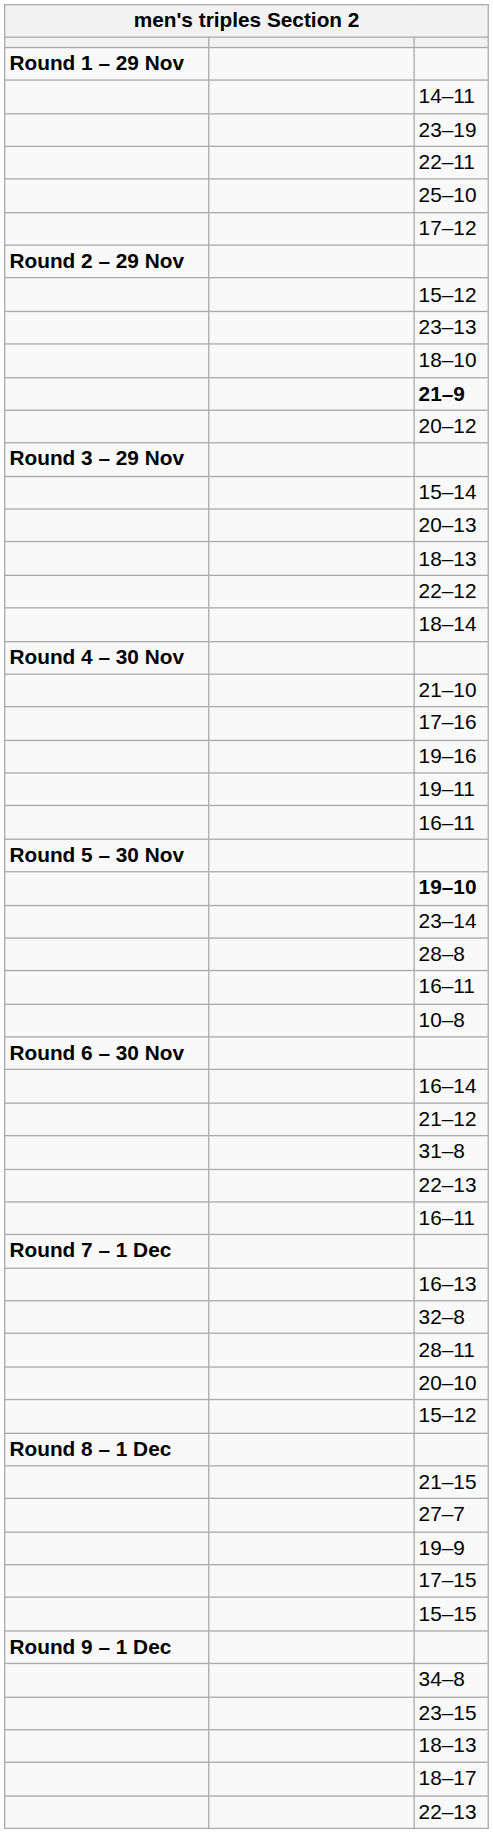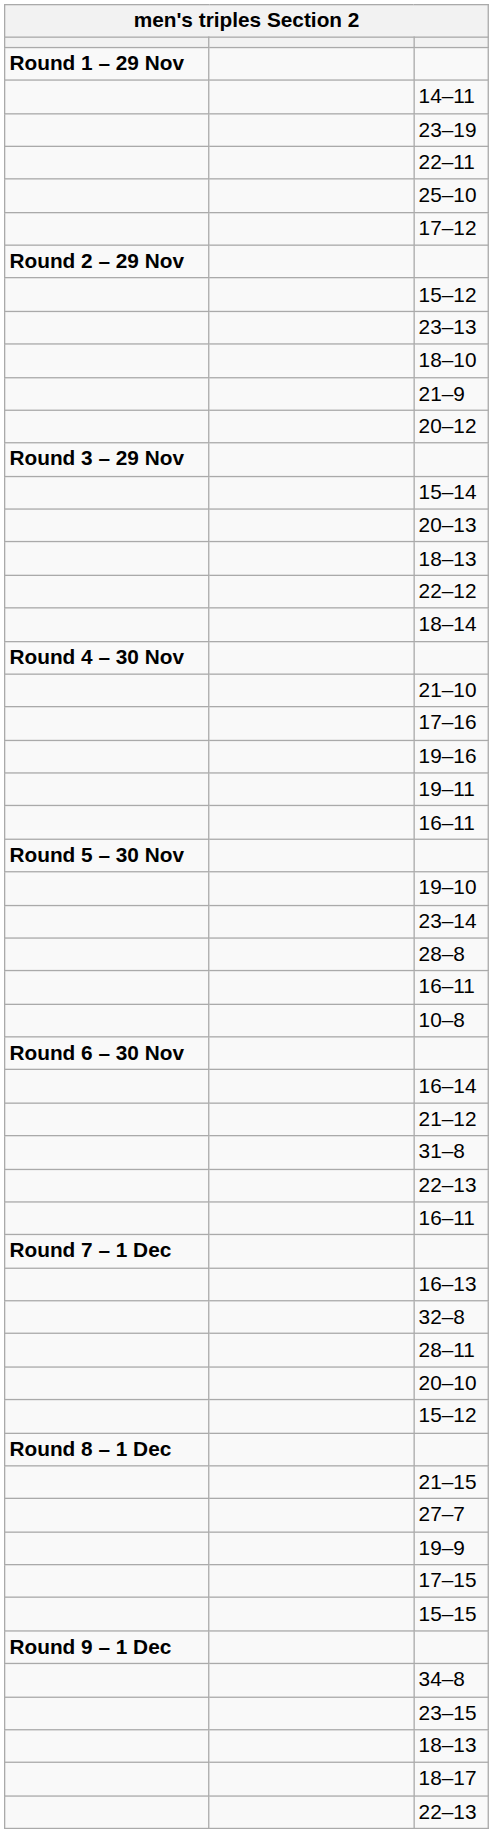 <table class="wikitable">
 <tr>
 <th colspan="3">men's triples Section 2</th>
 </tr>
 <tr>
 <th width=150></th>
 <th width=150></th>
 <th width=50></th>
 </tr>
 <tr>
 <td><strong>Round 1 – 29 Nov</strong></td>
 <td></td>
 <td></td>
 </tr>
 <tr>
 <td></td>
 <td></td>
 <td>14–11</td>
 </tr>
 <tr>
 <td></td>
 <td></td>
 <td>23–19</td>
 </tr>
 <tr>
 <td></td>
 <td></td>
 <td>22–11</td>
 </tr>
 <tr>
 <td></td>
 <td></td>
 <td>25–10</td>
 </tr>
 <tr>
 <td></td>
 <td></td>
 <td>17–12</td>
 </tr>
 <tr>
 <td><strong>Round 2 – 29 Nov</strong></td>
 <td></td>
 <td></td>
 </tr>
 <tr>
 <td></td>
 <td></td>
 <td>15–12</td>
 </tr>
 <tr>
 <td></td>
 <td></td>
 <td>23–13</td>
 </tr>
 <tr>
 <td></td>
 <td></td>
 <td>18–10</td>
 </tr>
 <tr>
 <td></td>
 <td></td>
-<td><strong>21–9</strong></td>
+<td>21–9</td>
 </tr>
 <tr>
 <td></td>
 <td></td>
 <td>20–12</td>
 </tr>
 <tr>
 <td><strong>Round 3 – 29 Nov</strong></td>
 <td></td>
 <td></td>
 </tr>
 <tr>
 <td></td>
 <td></td>
 <td>15–14</td>
 </tr>
 <tr>
 <td></td>
 <td></td>
 <td>20–13</td>
 </tr>
 <tr>
 <td></td>
 <td></td>
 <td>18–13</td>
 </tr>
 <tr>
 <td></td>
 <td></td>
 <td>22–12</td>
 </tr>
 <tr>
 <td></td>
 <td></td>
 <td>18–14</td>
 </tr>
 <tr>
 <td><strong>Round 4 – 30 Nov</strong></td>
 <td></td>
 <td></td>
 </tr>
 <tr>
 <td></td>
 <td></td>
 <td>21–10</td>
 </tr>
 <tr>
 <td></td>
 <td></td>
 <td>17–16</td>
 </tr>
 <tr>
 <td></td>
 <td></td>
 <td>19–16</td>
 </tr>
 <tr>
 <td></td>
 <td></td>
 <td>19–11</td>
 </tr>
 <tr>
 <td></td>
 <td></td>
 <td>16–11</td>
 </tr>
 <tr>
 <td><strong>Round 5 – 30 Nov</strong></td>
 <td></td>
 <td></td>
 </tr>
 <tr>
 <td></td>
 <td></td>
-<td><strong>19–10</strong></td>
+<td>19–10</td>
 </tr>
 <tr>
 <td></td>
 <td></td>
 <td>23–14</td>
 </tr>
 <tr>
 <td></td>
 <td></td>
 <td>28–8</td>
 </tr>
 <tr>
 <td></td>
 <td></td>
 <td>16–11</td>
 </tr>
 <tr>
 <td></td>
 <td></td>
 <td>10–8</td>
 </tr>
 <tr>
 <td><strong>Round 6  – 30 Nov </strong></td>
 <td></td>
 <td></td>
 </tr>
 <tr>
 <td></td>
 <td></td>
 <td>16–14</td>
 </tr>
 <tr>
 <td></td>
 <td></td>
 <td>21–12</td>
 </tr>
 <tr>
 <td></td>
 <td></td>
 <td>31–8</td>
 </tr>
 <tr>
 <td></td>
 <td></td>
 <td>22–13</td>
 </tr>
 <tr>
 <td></td>
 <td></td>
 <td>16–11</td>
 </tr>
 <tr>
 <td><strong>Round 7 – 1 Dec </strong></td>
 <td></td>
 <td></td>
 </tr>
 <tr>
 <td></td>
 <td></td>
 <td>16–13</td>
 </tr>
 <tr>
 <td></td>
 <td></td>
 <td>32–8</td>
 </tr>
 <tr>
 <td></td>
 <td></td>
 <td>28–11</td>
 </tr>
 <tr>
 <td></td>
 <td></td>
 <td>20–10</td>
 </tr>
 <tr>
 <td></td>
 <td></td>
 <td>15–12</td>
 </tr>
 <tr>
 <td><strong>Round 8 – 1 Dec </strong></td>
 <td></td>
 <td></td>
 </tr>
 <tr>
 <td></td>
 <td></td>
 <td>21–15</td>
 </tr>
 <tr>
 <td></td>
 <td></td>
 <td>27–7</td>
 </tr>
 <tr>
 <td></td>
 <td></td>
 <td>19–9</td>
 </tr>
 <tr>
 <td></td>
 <td></td>
 <td>17–15</td>
 </tr>
 <tr>
 <td></td>
 <td></td>
 <td>15–15</td>
 </tr>
 <tr>
 <td><strong>Round 9 – 1 Dec </strong></td>
 <td></td>
 <td></td>
 </tr>
 <tr>
 <td></td>
 <td></td>
 <td>34–8</td>
 </tr>
 <tr>
 <td></td>
 <td></td>
 <td>23–15</td>
 </tr>
 <tr>
 <td></td>
 <td></td>
 <td>18–13</td>
 </tr>
 <tr>
 <td></td>
 <td></td>
 <td>18–17</td>
 </tr>
 <tr>
 <td></td>
 <td></td>
 <td>22–13</td>
 </tr>
 <tr>
 </tr>
 </table>
